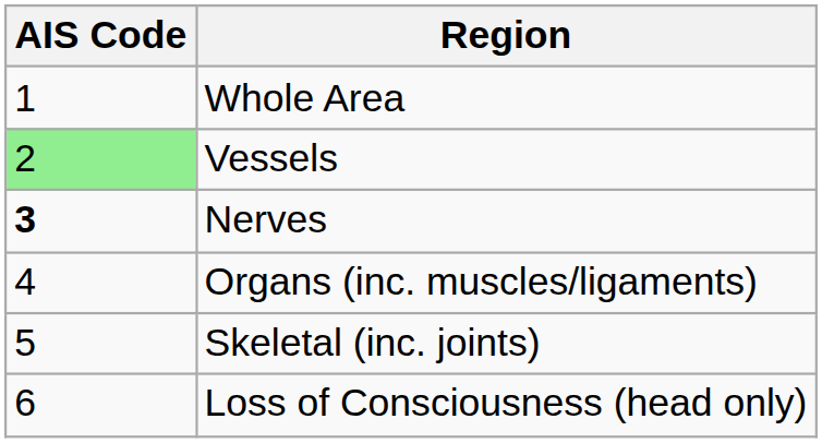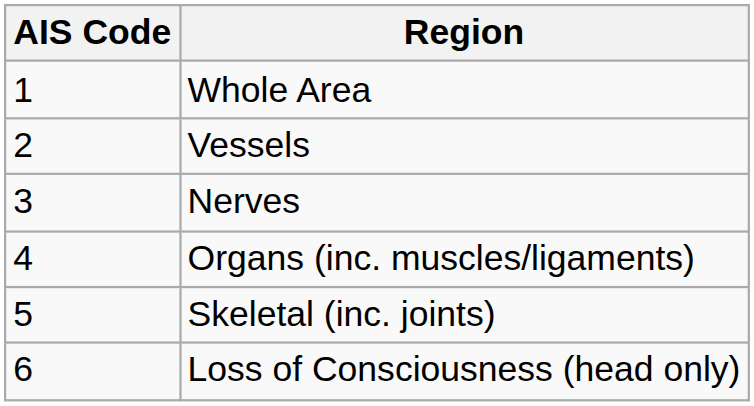 <table class="wikitable sortable">
 <tr>
 <th>AIS Code</th>
 <th>Region</th>
 </tr>
 <tr>
 <td>1</td>
 <td>Whole Area</td>
 </tr>
 <tr>
-<td style="background: lightgreen;">2</td>
+<td>2</td>
 <td>Vessels</td>
 </tr>
 <tr>
-<td><strong>3</strong></td>
+<td>3</td>
 <td>Nerves</td>
 </tr>
 <tr>
 <td>4</td>
 <td>Organs (inc. muscles/ligaments)</td>
 </tr>
 <tr>
 <td>5</td>
 <td>Skeletal (inc. joints)</td>
 </tr>
 <tr>
 <td>6</td>
 <td>Loss of Consciousness (head only)</td>
 </tr>
 </table>
